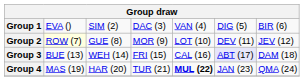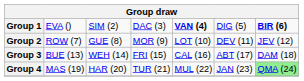 <table class="wikitable" style="text-align:center; font-size:85%">
 <tr>
 <th colspan="7">Group draw</th>
 </tr>
 <tr>
 <th>Group 1</th>
 <td align="left"> <a href='#'>EVA</a> ()</td>
 <td align="left"> <a href='#'>SIM</a> (2)</td>
 <td align="left"> <a href='#'>DAC</a> (3)</td>
-<td align="left"> <a href='#'>VAN</a> (4)</td>
+<td align="left"><strong> <a href='#'>VAN</a> (4)</strong></td>
 <td align="left"> <a href='#'>DIG</a> (5)</td>
-<td align="left"> <a href='#'>BIR</a> (6)</td>
+<td align="left"><strong> <a href='#'>BIR</a> (6)</strong></td>
 </tr>
 <tr>
 <th>Group 2</th>
-<td align="left" style="background: lightyellow;"> <a href='#'>ROW</a> (7)</td>
+<td align="left"> <a href='#'>ROW</a> (7)</td>
 <td align="left"> <a href='#'>GUE</a> (8)</td>
 <td align="left"> <a href='#'>MOR</a> (9)</td>
 <td align="left"> <a href='#'>LOT</a> (10)</td>
 <td align="left"> <a href='#'>DEV</a> (11)</td>
 <td align="left"> <a href='#'>JEV</a> (12)</td>
 </tr>
 <tr>
 <th>Group 3</th>
 <td align="left"> <a href='#'>BUE</a> (13)</td>
 <td align="left"> <a href='#'>WEH</a> (14)</td>
 <td align="left"> <a href='#'>FRI</a> (15)</td>
 <td align="left"> <a href='#'>CAL</a> (16)</td>
-<td align="left" style="background: lavender;"> <a href='#'>ABT</a> (17)</td>
+<td align="left"> <a href='#'>ABT</a> (17)</td>
 <td align="left"> <a href='#'>DAM</a> (18)</td>
 </tr>
 <tr>
 <th>Group 4</th>
 <td align="left"> <a href='#'>MAS</a> (19)</td>
 <td align="left"> <a href='#'>HAR</a> (20)</td>
 <td align="left"> <a href='#'>TUR</a> (21)</td>
-<td align="left"><strong> <a href='#'>MUL</a> (22)</strong></td>
+<td align="left"> <a href='#'>MUL</a> (22)</td>
 <td align="left"> <a href='#'>JAN</a> (23)</td>
-<td align="left"> <a href='#'>QMA</a> (24)</td>
+<td align="left" style="background: lightgreen;"> <a href='#'>QMA</a> (24)</td>
 </tr>
 <tr>
 </tr>
 </table>
